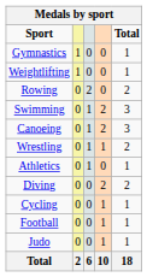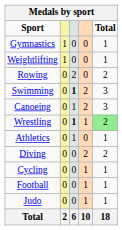 <table class="wikitable" style="font-size:85%; float:right">
 <tr bgcolor=#efefef>
 <th colspan=7>Medals by sport</th>
 </tr>
 <tr align=center>
 <td><strong>Sport</strong></td>
 <td bgcolor=#f7f6a8></td>
 <td bgcolor=#dce5e5></td>
 <td bgcolor=#ffdab9></td>
 <td><strong>Total</strong></td>
 </tr>
 <tr align=center>
 <td><a href='#'>Gymnastics</a></td>
 <td bgcolor=#f7f6a8>1</td>
 <td bgcolor=#dce5e5>0</td>
 <td bgcolor=#ffdab9>0</td>
 <td>1</td>
 </tr>
 <tr align=center>
 <td><a href='#'>Weightlifting</a></td>
 <td bgcolor=#f7f6a8>1</td>
 <td bgcolor=#dce5e5>0</td>
 <td bgcolor=#ffdab9>0</td>
 <td>1</td>
 </tr>
 <tr align=center>
 <td><a href='#'>Rowing</a></td>
 <td bgcolor=#f7f6a8>0</td>
 <td bgcolor=#dce5e5>2</td>
 <td bgcolor=#ffdab9>0</td>
 <td>2</td>
 </tr>
 <tr align=center>
 <td><a href='#'>Swimming</a></td>
 <td bgcolor=#f7f6a8>0</td>
-<td bgcolor=#dce5e5>1</td>
+<td bgcolor=#dce5e5><strong>1</strong></td>
 <td bgcolor=#ffdab9>2</td>
 <td>3</td>
 </tr>
 <tr align=center>
 <td><a href='#'>Canoeing</a></td>
 <td bgcolor=#f7f6a8>0</td>
 <td bgcolor=#dce5e5>1</td>
 <td bgcolor=#ffdab9>2</td>
 <td>3</td>
 </tr>
 <tr align=center>
 <td><a href='#'>Wrestling</a></td>
 <td bgcolor=#f7f6a8>0</td>
-<td bgcolor=#dce5e5>1</td>
+<td bgcolor=#dce5e5><strong>1</strong></td>
 <td bgcolor=#ffdab9>1</td>
-<td>2</td>
+<td style="background: lightgreen;">2</td>
 </tr>
 <tr align=center>
 <td><a href='#'>Athletics</a></td>
 <td bgcolor=#f7f6a8>0</td>
 <td bgcolor=#dce5e5>1</td>
 <td bgcolor=#ffdab9>0</td>
 <td>1</td>
 </tr>
 <tr align=center>
 <td><a href='#'>Diving</a></td>
 <td bgcolor=#f7f6a8>0</td>
 <td bgcolor=#dce5e5>0</td>
 <td bgcolor=#ffdab9>2</td>
 <td>2</td>
 </tr>
 <tr align=center>
 <td><a href='#'>Cycling</a></td>
 <td bgcolor=#f7f6a8>0</td>
 <td bgcolor=#dce5e5>0</td>
 <td bgcolor=#ffdab9>1</td>
 <td>1</td>
 </tr>
 <tr align=center>
 <td><a href='#'>Football</a></td>
 <td bgcolor=#f7f6a8>0</td>
 <td bgcolor=#dce5e5>0</td>
 <td bgcolor=#ffdab9>1</td>
 <td>1</td>
 </tr>
 <tr align=center>
 <td><a href='#'>Judo</a></td>
 <td bgcolor=#f7f6a8>0</td>
 <td bgcolor=#dce5e5>0</td>
 <td bgcolor=#ffdab9>1</td>
 <td>1</td>
 </tr>
 <tr align=center>
 <th>Total</th>
 <th bgcolor=gold>2</th>
 <th bgcolor=silver>6</th>
 <th bgcolor=#c96>10</th>
 <th>18</th>
 </tr>
 </table>
